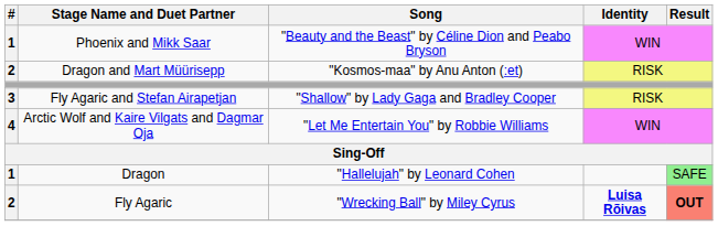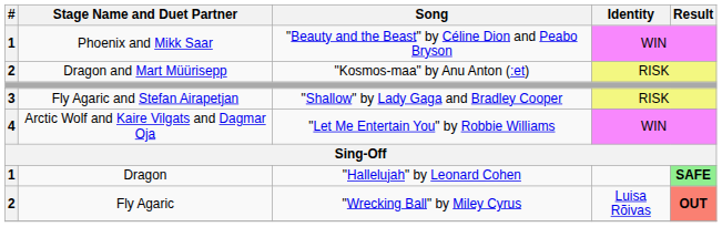 <table class="wikitable plainrowheaders" style="text-align: center;">
 <tr>
 <th>#</th>
 <th>Stage Name and Duet Partner</th>
 <th>Song</th>
 <th>Identity</th>
 <th>Result</th>
 </tr>
 <tr>
 <th>1</th>
 <td>Phoenix and <a href='#'>Mikk Saar</a></td>
 <td>"<a href='#'>Beauty and the Beast</a>" by <a href='#'>Céline Dion</a> and <a href='#'>Peabo Bryson</a></td>
 <td colspan="2" bgcolor="#F888FD">WIN</td>
 </tr>
 <tr>
 <th>2</th>
 <td>Dragon and <a href='#'>Mart Müürisepp</a></td>
 <td>"Kosmos-maa" by Anu Anton (<a href='#'>:et</a>)</td>
 <td colspan="2" bgcolor="#F3F781">RISK</td>
 </tr>
 <tr>
 <td colspan="5" style="background:darkgray"></td>
 </tr>
 <tr>
 <th>3</th>
 <td>Fly Agaric and <a href='#'>Stefan Airapetjan</a></td>
 <td>"<a href='#'>Shallow</a>" by <a href='#'>Lady Gaga</a> and <a href='#'>Bradley Cooper</a></td>
 <td colspan="2" bgcolor="#F3F781">RISK</td>
 </tr>
 <tr>
 <th>4</th>
 <td>Arctic Wolf and <a href='#'>Kaire Vilgats</a> and <a href='#'>Dagmar Oja</a></td>
 <td>"<a href='#'>Let Me Entertain You</a>" by <a href='#'>Robbie Williams</a></td>
 <td colspan="2" bgcolor="#F888FD">WIN</td>
 </tr>
 <tr>
 <th colspan="5">Sing-Off</th>
 </tr>
 <tr>
 <th>1</th>
 <td>Dragon</td>
 <td>"<a href='#'>Hallelujah</a>" by <a href='#'>Leonard Cohen</a></td>
 <td></td>
-<td bgcolor="lightgreen">SAFE</td>
+<td bgcolor="lightgreen"><strong>SAFE</strong></td>
 </tr>
 <tr>
 <th>2</th>
 <td>Fly Agaric</td>
 <td>"<a href='#'>Wrecking Ball</a>" by <a href='#'>Miley Cyrus</a></td>
-<td><strong><a href='#'>Luisa Rõivas</a></strong></td>
+<td><a href='#'>Luisa Rõivas</a></td>
 <td bgcolor="salmon"><strong>OUT</strong></td>
 </tr>
 <tr>
 </tr>
 </table>
